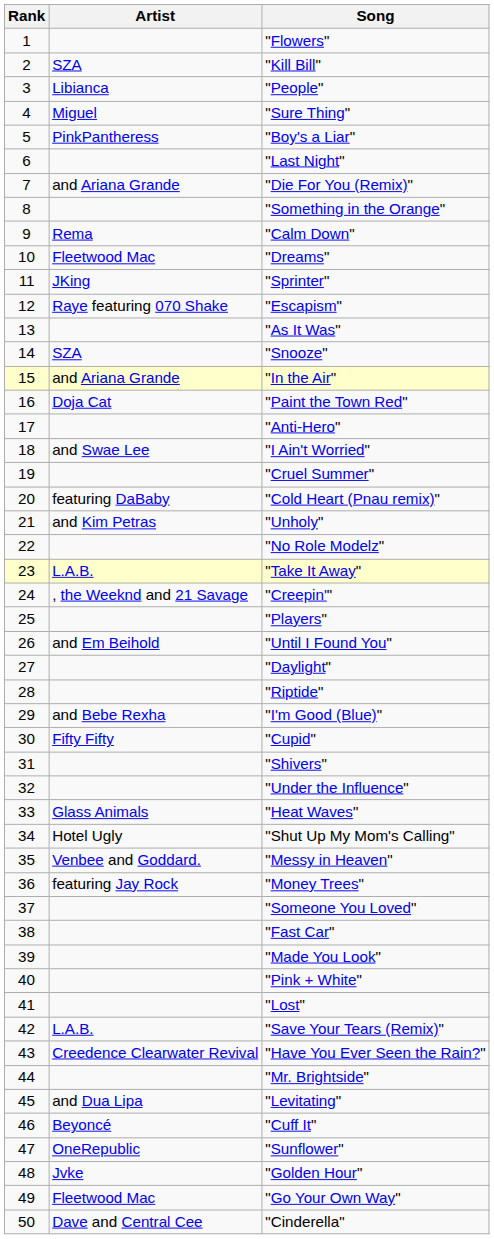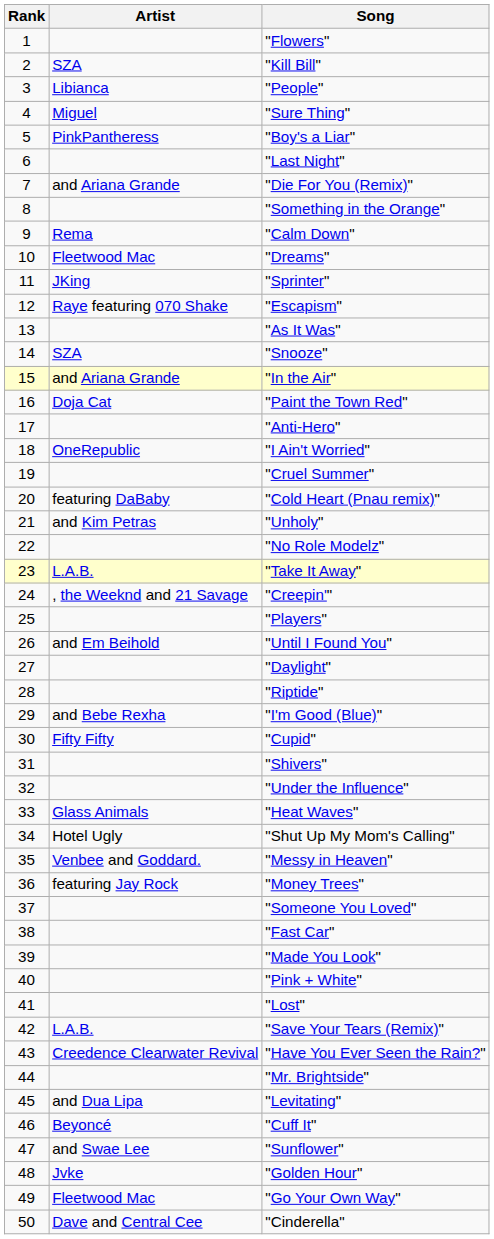 <table class="wikitable sortable">
 <tr>
 <th>Rank</th>
 <th>Artist</th>
 <th>Song</th>
 </tr>
 <tr>
 <td align="center">1</td>
 <td></td>
 <td>"<a href='#'>Flowers</a>"</td>
 </tr>
 <tr>
 <td align="center">2</td>
 <td><a href='#'>SZA</a></td>
 <td>"<a href='#'>Kill Bill</a>"</td>
 </tr>
 <tr>
 <td align="center">3</td>
 <td><a href='#'>Libianca</a></td>
 <td>"<a href='#'>People</a>"</td>
 </tr>
 <tr>
 <td align="center">4</td>
 <td><a href='#'>Miguel</a></td>
 <td>"<a href='#'>Sure Thing</a>"</td>
 </tr>
 <tr>
 <td align="center">5</td>
 <td><a href='#'>PinkPantheress</a></td>
 <td>"<a href='#'>Boy's a Liar</a>"</td>
 </tr>
 <tr>
 <td align="center">6</td>
 <td></td>
 <td>"<a href='#'>Last Night</a>"</td>
 </tr>
 <tr>
 <td align="center">7</td>
 <td> and <a href='#'>Ariana Grande</a></td>
 <td>"<a href='#'>Die For You (Remix)</a>"</td>
 </tr>
 <tr>
 <td align="center">8</td>
 <td></td>
 <td>"<a href='#'>Something in the Orange</a>"</td>
 </tr>
 <tr>
 <td align="center">9</td>
 <td><a href='#'>Rema</a></td>
 <td>"<a href='#'>Calm Down</a>"</td>
 </tr>
 <tr>
 <td align="center">10</td>
 <td><a href='#'>Fleetwood Mac</a></td>
 <td>"<a href='#'>Dreams</a>"</td>
 </tr>
 <tr>
 <td align="center">11</td>
 <td><a href='#'>JKing</a></td>
 <td>"<a href='#'>Sprinter</a>"</td>
 </tr>
 <tr>
 <td align="center">12</td>
 <td><a href='#'>Raye</a> featuring <a href='#'>070 Shake</a></td>
 <td>"<a href='#'>Escapism</a>"</td>
 </tr>
 <tr>
 <td align="center">13</td>
 <td></td>
 <td>"<a href='#'>As It Was</a>"</td>
 </tr>
 <tr>
 <td align="center">14</td>
 <td><a href='#'>SZA</a></td>
 <td>"<a href='#'>Snooze</a>"</td>
 </tr>
 <tr bgcolor="#FFFFCC">
 <td align="center">15</td>
 <td> and <a href='#'>Ariana Grande</a></td>
 <td>"<a href='#'>In the Air</a>"</td>
 </tr>
 <tr>
 <td align="center">16</td>
 <td><a href='#'>Doja Cat</a></td>
 <td>"<a href='#'>Paint the Town Red</a>"</td>
 </tr>
 <tr>
 <td align="center">17</td>
 <td></td>
 <td>"<a href='#'>Anti-Hero</a>"</td>
 </tr>
 <tr>
 <td align="center">18</td>
-<td> and <a href='#'>Swae Lee</a></td>
+<td><a href='#'>OneRepublic</a></td>
 <td>"<a href='#'>I Ain't Worried</a>"</td>
 </tr>
 <tr>
 <td align="center">19</td>
 <td></td>
 <td>"<a href='#'>Cruel Summer</a>"</td>
 </tr>
 <tr>
 <td align="center">20</td>
 <td> featuring <a href='#'>DaBaby</a></td>
 <td>"<a href='#'>Cold Heart (Pnau remix)</a>"</td>
 </tr>
 <tr>
 <td align="center">21</td>
 <td> and <a href='#'>Kim Petras</a></td>
 <td>"<a href='#'>Unholy</a>"</td>
 </tr>
 <tr>
 <td align="center">22</td>
 <td></td>
 <td>"<a href='#'>No Role Modelz</a>"</td>
 </tr>
 <tr bgcolor="#FFFFCC">
 <td align="center">23</td>
 <td><a href='#'>L.A.B.</a></td>
 <td>"<a href='#'>Take It Away</a>"</td>
 </tr>
 <tr>
 <td align="center">24</td>
 <td>, <a href='#'>the Weeknd</a> and <a href='#'>21 Savage</a></td>
 <td>"<a href='#'>Creepin'</a>"</td>
 </tr>
 <tr>
 <td align="center">25</td>
 <td></td>
 <td>"<a href='#'>Players</a>"</td>
 </tr>
 <tr>
 <td align="center">26</td>
 <td> and <a href='#'>Em Beihold</a></td>
 <td>"<a href='#'>Until I Found You</a>"</td>
 </tr>
 <tr>
 <td align="center">27</td>
 <td></td>
 <td>"<a href='#'>Daylight</a>"</td>
 </tr>
 <tr>
 <td align="center">28</td>
 <td></td>
 <td>"<a href='#'>Riptide</a>"</td>
 </tr>
 <tr>
 <td align="center">29</td>
 <td> and <a href='#'>Bebe Rexha</a></td>
 <td>"<a href='#'>I'm Good (Blue)</a>"</td>
 </tr>
 <tr>
 <td align="center">30</td>
 <td><a href='#'>Fifty Fifty</a></td>
 <td>"<a href='#'>Cupid</a>"</td>
 </tr>
 <tr>
 <td align="center">31</td>
 <td></td>
 <td>"<a href='#'>Shivers</a>"</td>
 </tr>
 <tr>
 <td align="center">32</td>
 <td></td>
 <td>"<a href='#'>Under the Influence</a>"</td>
 </tr>
 <tr>
 <td align="center">33</td>
 <td><a href='#'>Glass Animals</a></td>
 <td>"<a href='#'>Heat Waves</a>"</td>
 </tr>
 <tr>
 <td align="center">34</td>
 <td>Hotel Ugly</td>
 <td>"Shut Up My Mom's Calling"</td>
 </tr>
 <tr>
 <td align="center">35</td>
 <td><a href='#'>Venbee</a> and <a href='#'>Goddard.</a></td>
 <td>"<a href='#'>Messy in Heaven</a>"</td>
 </tr>
 <tr>
 <td align="center">36</td>
 <td> featuring <a href='#'>Jay Rock</a></td>
 <td>"<a href='#'>Money Trees</a>"</td>
 </tr>
 <tr>
 <td align="center">37</td>
 <td></td>
 <td>"<a href='#'>Someone You Loved</a>"</td>
 </tr>
 <tr>
 <td align="center">38</td>
 <td></td>
 <td>"<a href='#'>Fast Car</a>"</td>
 </tr>
 <tr>
 <td align="center">39</td>
 <td></td>
 <td>"<a href='#'>Made You Look</a>"</td>
 </tr>
 <tr>
 <td align="center">40</td>
 <td></td>
 <td>"<a href='#'>Pink + White</a>"</td>
 </tr>
 <tr>
 <td align="center">41</td>
 <td></td>
 <td>"<a href='#'>Lost</a>"</td>
 </tr>
 <tr>
 <td align="center">42</td>
 <td><a href='#'>L.A.B.</a></td>
 <td>"<a href='#'>Save Your Tears (Remix)</a>"</td>
 </tr>
 <tr>
 <td align="center">43</td>
 <td><a href='#'>Creedence Clearwater Revival</a></td>
 <td>"<a href='#'>Have You Ever Seen the Rain?</a>"</td>
 </tr>
 <tr>
 <td align="center">44</td>
 <td></td>
 <td>"<a href='#'>Mr. Brightside</a>"</td>
 </tr>
 <tr>
 <td align="center">45</td>
 <td> and <a href='#'>Dua Lipa</a></td>
 <td>"<a href='#'>Levitating</a>"</td>
 </tr>
 <tr>
 <td align="center">46</td>
 <td><a href='#'>Beyoncé</a></td>
 <td>"<a href='#'>Cuff It</a>"</td>
 </tr>
 <tr>
 <td align="center">47</td>
-<td><a href='#'>OneRepublic</a></td>
+<td> and <a href='#'>Swae Lee</a></td>
 <td>"<a href='#'>Sunflower</a>"</td>
 </tr>
 <tr>
 <td align="center">48</td>
 <td><a href='#'>Jvke</a></td>
 <td>"<a href='#'>Golden Hour</a>"</td>
 </tr>
 <tr>
 <td align="center">49</td>
 <td><a href='#'>Fleetwood Mac</a></td>
 <td>"<a href='#'>Go Your Own Way</a>"</td>
 </tr>
 <tr>
 <td align="center">50</td>
 <td><a href='#'>Dave</a> and <a href='#'>Central Cee</a></td>
 <td>"Cinderella"</td>
 </tr>
 </table>
